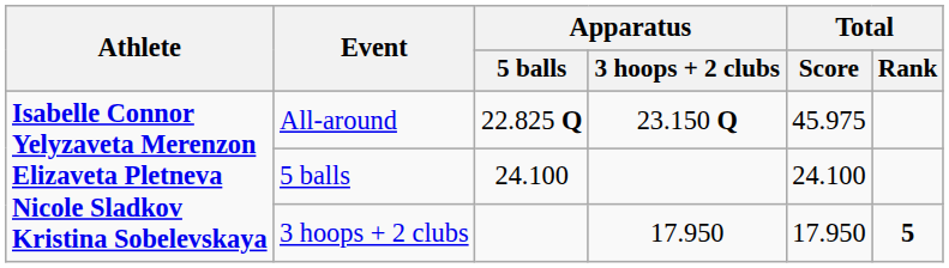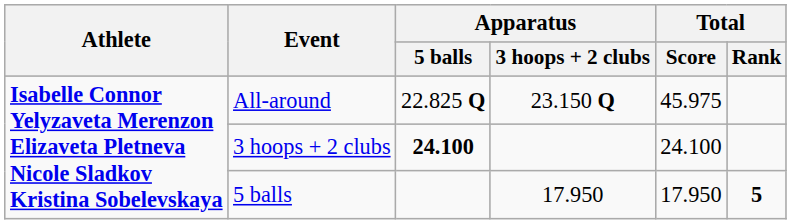 <table class=wikitable style=font-size:90%;text-align:center>
 <tr>
 <th rowspan=2>Athlete</th>
 <th rowspan=2>Event</th>
 <th colspan=2>Apparatus</th>
 <th colspan=2>Total</th>
 </tr>
 <tr style=font-size:95%>
 <th>5 balls</th>
 <th>3 hoops + 2 clubs</th>
 <th>Score</th>
 <th>Rank</th>
 </tr>
 <tr>
 <td align=left rowspan=3><strong><a href='#'>Isabelle Connor</a><br><a href='#'>Yelyzaveta Merenzon</a><br><a href='#'>Elizaveta Pletneva</a><br><a href='#'>Nicole Sladkov</a><br><a href='#'>Kristina Sobelevskaya</a></strong></td>
 <td align=left><a href='#'>All-around</a></td>
 <td>22.825 <strong>Q</strong></td>
 <td>23.150 <strong>Q</strong></td>
 <td>45.975</td>
 <td></td>
 </tr>
 <tr>
-<td align=left><a href='#'>5 balls</a></td>
-<td>24.100</td>
+<td align=left><a href='#'>3 hoops + 2 clubs</a></td>
+<td><strong>24.100</strong></td>
 <td></td>
 <td>24.100</td>
 <td></td>
 </tr>
 <tr>
-<td align=left><a href='#'>3 hoops + 2 clubs</a></td>
+<td align=left><a href='#'>5 balls</a></td>
 <td></td>
 <td>17.950</td>
 <td>17.950</td>
 <td><strong>5</strong></td>
 </tr>
 </table>
